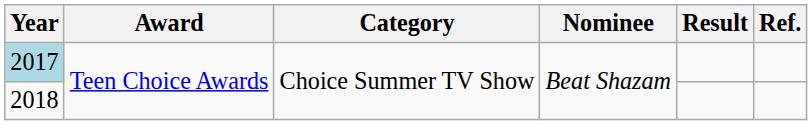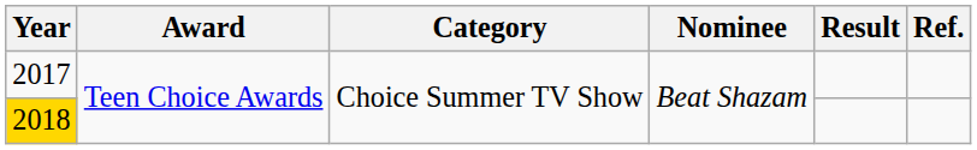 <table class="wikitable">
 <tr>
 <th>Year</th>
 <th>Award</th>
 <th>Category</th>
 <th>Nominee</th>
 <th>Result</th>
 <th>Ref.</th>
 </tr>
 <tr>
-<td style="background: lightblue;">2017</td>
+<td>2017</td>
 <td rowspan="2"><a href='#'>Teen Choice Awards</a></td>
 <td rowspan="2">Choice Summer TV Show</td>
 <td rowspan="2"><em>Beat Shazam</em></td>
 <td></td>
 <td></td>
 </tr>
 <tr>
-<td>2018</td>
+<td style="background: gold;">2018</td>
 <td></td>
 <td></td>
 </tr>
 </table>
